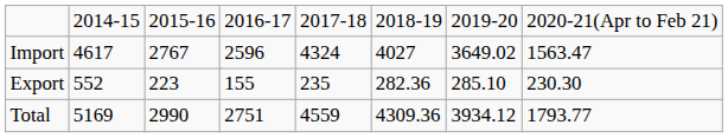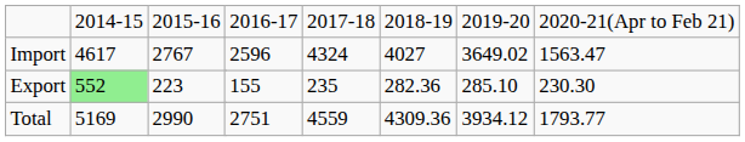 <table class="wikitable">
 <tr>
 <td></td>
 <td>2014-15</td>
 <td>2015-16</td>
 <td colspan="2">2016-17</td>
 <td>2017-18</td>
 <td>2018-19</td>
 <td>2019-20</td>
 <td>2020-21(Apr to Feb 21)</td>
 </tr>
 <tr>
 <td>Import</td>
 <td>4617</td>
 <td colspan="2">2767</td>
 <td>2596</td>
 <td>4324</td>
 <td>4027</td>
 <td>3649.02</td>
 <td>1563.47</td>
 </tr>
 <tr>
 <td>Export</td>
-<td>552</td>
+<td style="background: lightgreen;">552</td>
 <td colspan="2">223</td>
 <td>155</td>
 <td>235</td>
 <td>282.36</td>
 <td>285.10</td>
 <td>230.30</td>
 </tr>
 <tr>
 <td>Total</td>
 <td>5169</td>
 <td colspan="2">2990</td>
 <td>2751</td>
 <td>4559</td>
 <td>4309.36</td>
 <td>3934.12</td>
 <td>1793.77</td>
 </tr>
 </table>
